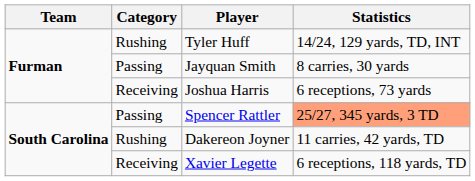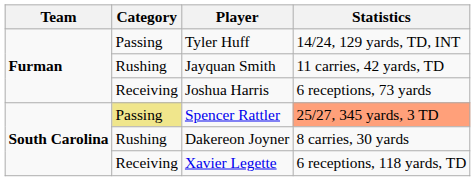 <table class="wikitable" style="float: right;">
 <tr>
 <th>Team</th>
 <th>Category</th>
 <th>Player</th>
 <th>Statistics</th>
 </tr>
 <tr>
 <td rowspan=3><strong>Furman</strong></td>
-<td>Rushing</td>
+<td>Passing</td>
 <td>Tyler Huff</td>
 <td>14/24, 129 yards, TD, INT</td>
 </tr>
 <tr>
-<td>Passing</td>
+<td>Rushing</td>
 <td>Jayquan Smith</td>
-<td>8 carries, 30 yards</td>
+<td>11 carries, 42 yards, TD</td>
 </tr>
 <tr>
 <td>Receiving</td>
 <td>Joshua Harris</td>
 <td>6 receptions, 73 yards</td>
 </tr>
 <tr>
 <td rowspan=3><strong>South Carolina</strong></td>
-<td>Passing</td>
+<td style="background: khaki;">Passing</td>
 <td><a href='#'>Spencer Rattler</a></td>
 <td style="background: lightsalmon;">25/27, 345 yards, 3 TD</td>
 </tr>
 <tr>
 <td>Rushing</td>
 <td>Dakereon Joyner</td>
-<td>11 carries, 42 yards, TD</td>
+<td>8 carries, 30 yards</td>
 </tr>
 <tr>
 <td>Receiving</td>
 <td><a href='#'>Xavier Legette</a></td>
 <td>6 receptions, 118 yards, TD</td>
 </tr>
 </table>
